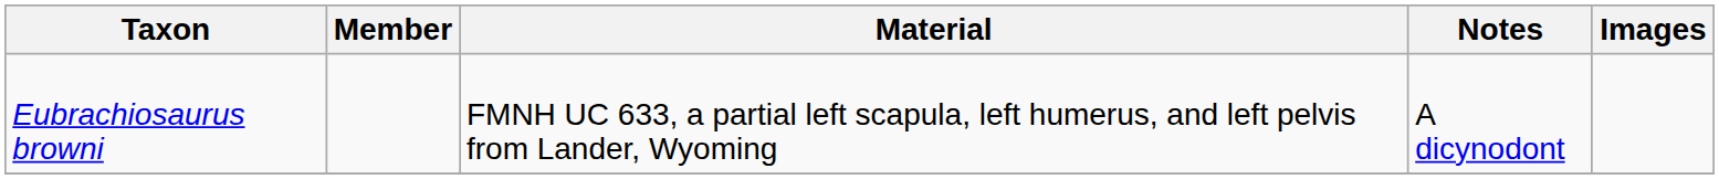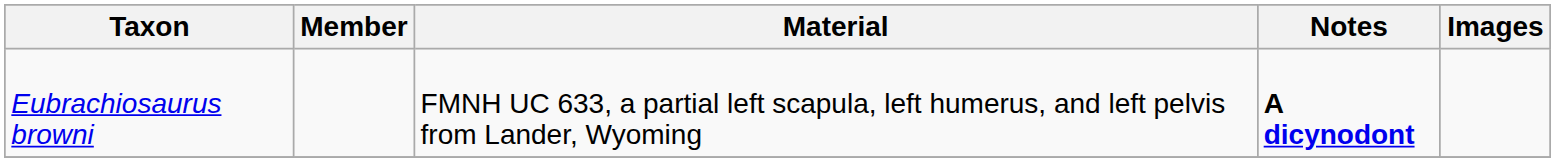 <table class="wikitable sortable" align="center" width="100%">
 <tr>
 <th>Taxon</th>
 <th>Member</th>
 <th class="unsortable">Material</th>
 <th class="unsortable">Notes</th>
 <th class="unsortable">Images</th>
 </tr>
 <tr>
 <td><br><em><a href='#'>Eubrachiosaurus browni</a></em></td>
 <td></td>
 <td><br>FMNH UC 633, a partial left scapula, left humerus, and left pelvis from Lander, Wyoming</td>
-<td><br>A <a href='#'>dicynodont</a></td>
+<td><strong><br>A <a href='#'>dicynodont</a></strong></td>
 <td><br></td>
 </tr>
 <tr>
 </tr>
 </table>
